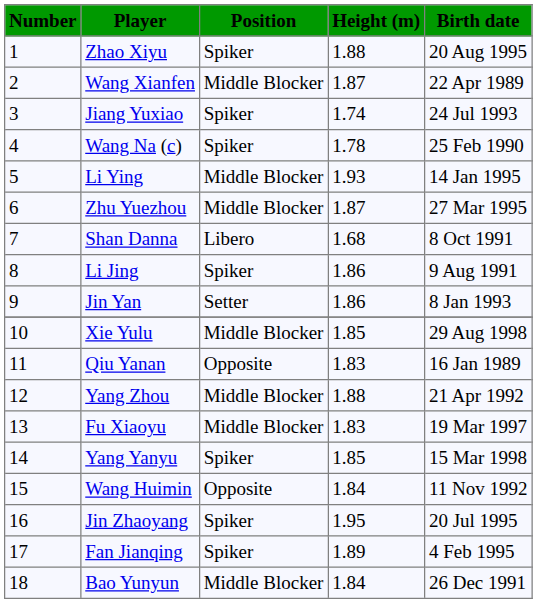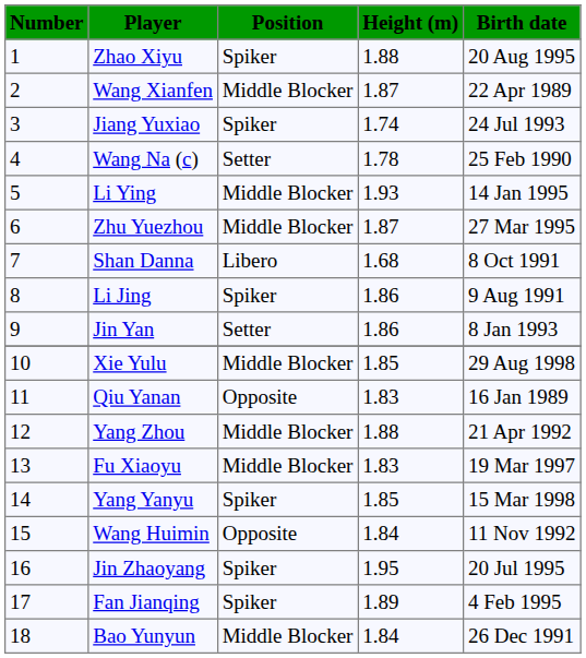 <table bgcolor="#f7f8ff" cellpadding="3" cellspacing="0" border="1" style="font-size: 95%; border: gray solid 1px; border-collapse: collapse;">
 <tr bgcolor="#009900">
 <td align=center><strong>Number</strong></td>
 <td align=center><strong>Player</strong></td>
 <td align=center><strong>Position</strong></td>
 <td align=center><strong>Height (m)</strong></td>
 <td align=center><strong>Birth date</strong></td>
 </tr>
 <tr align=left>
 <td>1</td>
 <td> <a href='#'>Zhao Xiyu</a></td>
 <td>Spiker</td>
 <td>1.88</td>
 <td>20 Aug 1995</td>
 </tr>
 <tr align=left>
 <td>2</td>
 <td> <a href='#'>Wang Xianfen</a></td>
 <td>Middle Blocker</td>
 <td>1.87</td>
 <td>22 Apr 1989</td>
 </tr>
 <tr align=left>
 <td>3</td>
 <td> <a href='#'>Jiang Yuxiao</a></td>
 <td>Spiker</td>
 <td>1.74</td>
 <td>24 Jul 1993</td>
 </tr>
 <tr align=left>
 <td>4</td>
 <td> <a href='#'>Wang Na</a> (<a href='#'>c</a>)</td>
-<td>Spiker</td>
+<td>Setter</td>
 <td>1.78</td>
 <td>25 Feb 1990</td>
 </tr>
 <tr align=left>
 <td>5</td>
 <td> <a href='#'>Li Ying</a></td>
 <td>Middle Blocker</td>
 <td>1.93</td>
 <td>14 Jan 1995</td>
 </tr>
 <tr align=left>
 <td>6</td>
 <td> <a href='#'>Zhu Yuezhou</a></td>
 <td>Middle Blocker</td>
 <td>1.87</td>
 <td>27 Mar 1995</td>
 </tr>
 <tr align="left">
 <td>7</td>
 <td> <a href='#'>Shan Danna</a></td>
 <td>Libero</td>
 <td>1.68</td>
 <td>8 Oct 1991</td>
 </tr>
 <tr align="left">
 <td>8</td>
 <td> <a href='#'>Li Jing</a></td>
 <td>Spiker</td>
 <td>1.86</td>
 <td>9 Aug 1991</td>
 </tr>
 <tr align="left">
 <td>9</td>
 <td> <a href='#'>Jin Yan</a></td>
 <td>Setter</td>
 <td>1.86</td>
 <td>8 Jan 1993</td>
 </tr>
 <tr align="left">
 </tr>
 <tr align="left">
 <td>10</td>
 <td> <a href='#'>Xie Yulu</a></td>
 <td>Middle Blocker</td>
 <td>1.85</td>
 <td>29 Aug 1998</td>
 </tr>
 <tr align="left">
 <td>11</td>
 <td> <a href='#'>Qiu Yanan</a></td>
 <td>Opposite</td>
 <td>1.83</td>
 <td>16 Jan 1989</td>
 </tr>
 <tr align="left">
 <td>12</td>
 <td> <a href='#'>Yang Zhou</a></td>
 <td>Middle Blocker</td>
 <td>1.88</td>
 <td>21 Apr 1992</td>
 </tr>
 <tr align="left">
 <td>13</td>
 <td> <a href='#'>Fu Xiaoyu</a></td>
 <td>Middle Blocker</td>
 <td>1.83</td>
 <td>19 Mar 1997</td>
 </tr>
 <tr align="left">
 <td>14</td>
 <td> <a href='#'>Yang Yanyu</a></td>
 <td>Spiker</td>
 <td>1.85</td>
 <td>15 Mar 1998</td>
 </tr>
 <tr align="left">
 <td>15</td>
 <td> <a href='#'>Wang Huimin</a></td>
 <td>Opposite</td>
 <td>1.84</td>
 <td>11 Nov 1992</td>
 </tr>
 <tr align="left">
 <td>16</td>
 <td> <a href='#'>Jin Zhaoyang</a></td>
 <td>Spiker</td>
 <td>1.95</td>
 <td>20 Jul 1995</td>
 </tr>
 <tr align="left">
 <td>17</td>
 <td> <a href='#'>Fan Jianqing</a></td>
 <td>Spiker</td>
 <td>1.89</td>
 <td>4 Feb 1995</td>
 </tr>
 <tr align="left">
 <td>18</td>
 <td> <a href='#'>Bao Yunyun</a></td>
 <td>Middle Blocker</td>
 <td>1.84</td>
 <td>26 Dec 1991</td>
 </tr>
 </table>
